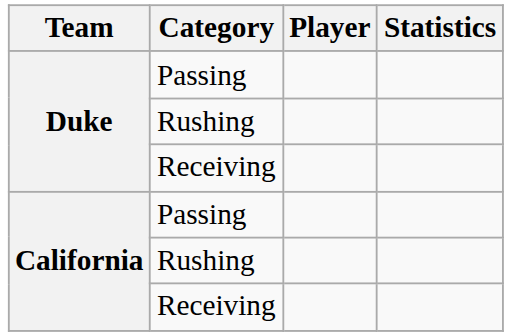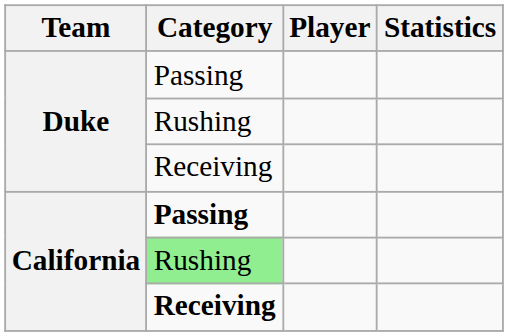 <table class="wikitable" style="float:right">
 <tr>
 <th>Team</th>
 <th>Category</th>
 <th>Player</th>
 <th>Statistics</th>
 </tr>
 <tr>
 <th rowspan=3>Duke</th>
 <td>Passing</td>
 <td></td>
 <td></td>
 </tr>
 <tr>
 <td>Rushing</td>
 <td></td>
 <td></td>
 </tr>
 <tr>
 <td>Receiving</td>
 <td></td>
 <td></td>
 </tr>
 <tr>
 <th rowspan=3>California</th>
-<td>Passing</td>
+<td><strong>Passing</strong></td>
 <td></td>
 <td></td>
 </tr>
 <tr>
-<td>Rushing</td>
+<td style="background: lightgreen;">Rushing</td>
 <td></td>
 <td></td>
 </tr>
 <tr>
-<td>Receiving</td>
+<td><strong>Receiving</strong></td>
 <td></td>
 <td></td>
 </tr>
 </table>
